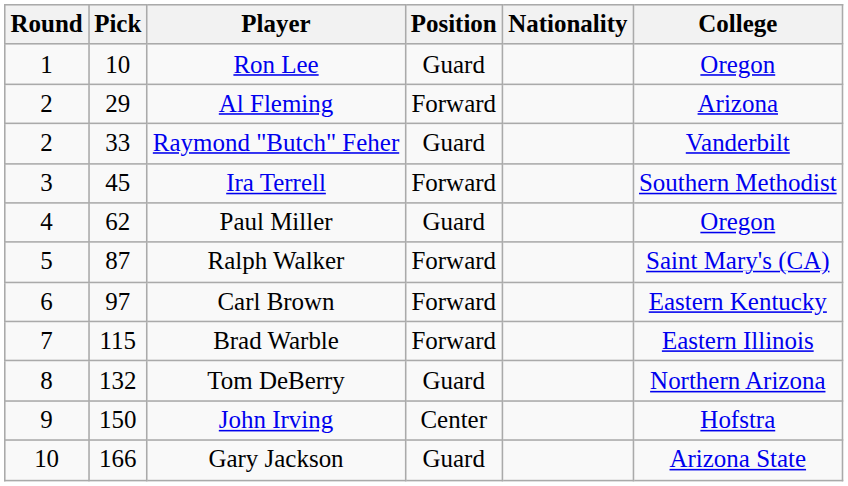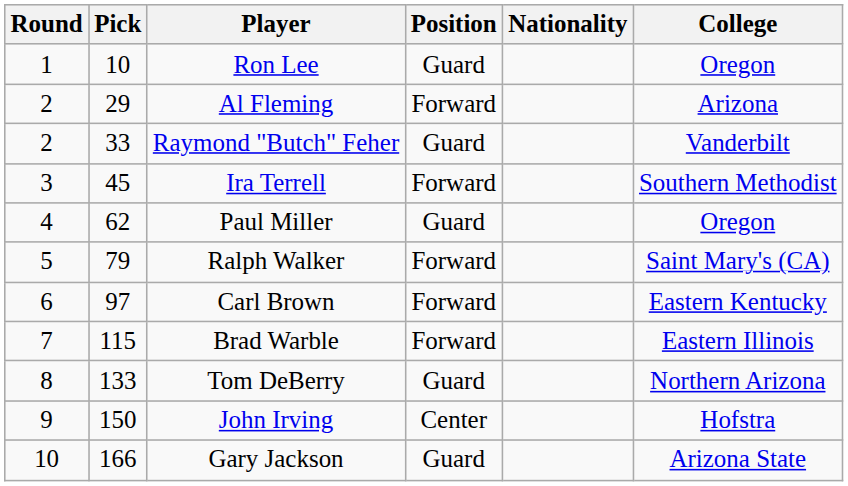 <table class="wikitable sortable sortable">
 <tr>
 <th>Round</th>
 <th>Pick</th>
 <th>Player</th>
 <th>Position</th>
 <th>Nationality</th>
 <th>College</th>
 </tr>
 <tr style="text-align: center">
 <td>1</td>
 <td>10</td>
 <td><a href='#'>Ron Lee</a></td>
 <td>Guard</td>
 <td></td>
 <td><a href='#'>Oregon</a></td>
 </tr>
 <tr style="text-align: center">
 <td>2</td>
 <td>29</td>
 <td><a href='#'>Al Fleming</a></td>
 <td>Forward</td>
 <td></td>
 <td><a href='#'>Arizona</a></td>
 </tr>
 <tr style="text-align: center">
 <td>2</td>
 <td>33</td>
 <td><a href='#'>Raymond "Butch" Feher</a></td>
 <td>Guard</td>
 <td></td>
 <td><a href='#'>Vanderbilt</a></td>
 </tr>
 <tr style="text-align: center">
 <td>3</td>
 <td>45</td>
 <td><a href='#'>Ira Terrell</a></td>
 <td>Forward</td>
 <td></td>
 <td><a href='#'>Southern Methodist</a></td>
 </tr>
 <tr style="text-align: center">
 <td>4</td>
 <td>62</td>
 <td>Paul Miller</td>
 <td>Guard</td>
 <td></td>
 <td><a href='#'>Oregon</a></td>
 </tr>
 <tr style="text-align: center">
 <td>5</td>
-<td>87</td>
+<td>79</td>
 <td>Ralph Walker</td>
 <td>Forward</td>
 <td></td>
 <td><a href='#'>Saint Mary's (CA)</a></td>
 </tr>
 <tr style="text-align: center">
 <td>6</td>
 <td>97</td>
 <td>Carl Brown</td>
 <td>Forward</td>
 <td></td>
 <td><a href='#'>Eastern Kentucky</a></td>
 </tr>
 <tr style="text-align: center">
 <td>7</td>
 <td>115</td>
 <td>Brad Warble</td>
 <td>Forward</td>
 <td></td>
 <td><a href='#'>Eastern Illinois</a></td>
 </tr>
 <tr style="text-align: center">
 <td>8</td>
-<td>132</td>
+<td>133</td>
 <td>Tom DeBerry</td>
 <td>Guard</td>
 <td></td>
 <td><a href='#'>Northern Arizona</a></td>
 </tr>
 <tr style="text-align: center">
 <td>9</td>
 <td>150</td>
 <td><a href='#'>John Irving</a></td>
 <td>Center</td>
 <td></td>
 <td><a href='#'>Hofstra</a></td>
 </tr>
 <tr style="text-align: center">
 <td>10</td>
 <td>166</td>
 <td>Gary Jackson</td>
 <td>Guard</td>
 <td></td>
 <td><a href='#'>Arizona State</a></td>
 </tr>
 </table>
